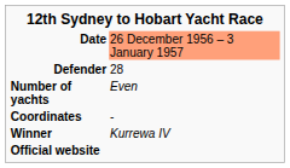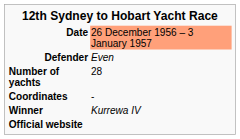 <table class="infobox" style="width: 23em; font-size: 90%">
 <tr>
 <th colspan="2" style="text-align: center; font-size: larger;"><strong>12th Sydney to Hobart Yacht Race</strong></th>
 </tr>
 <tr>
 <td style="text-align: right;"><strong>Date</strong></td>
 <td style="background: lightsalmon;">26 December 1956 – 3 January 1957</td>
 </tr>
 <tr>
 <td style="text-align: right;"><strong>Defender</strong></td>
-<td>28</td>
+<td><em>Even</em></td>
 </tr>
 <tr>
 <td><strong>Number of yachts</strong></td>
-<td><em>Even</em></td>
+<td>28</td>
 </tr>
 <tr>
 <td><strong>Coordinates</strong></td>
 <td>-<br></td>
 </tr>
 <tr>
 <td><strong>Winner</strong></td>
 <td><em>Kurrewa IV</em></td>
 </tr>
 <tr>
 <td><strong>Official website</strong></td>
 <td></td>
 </tr>
 </table>
